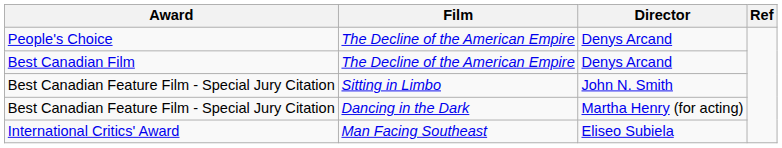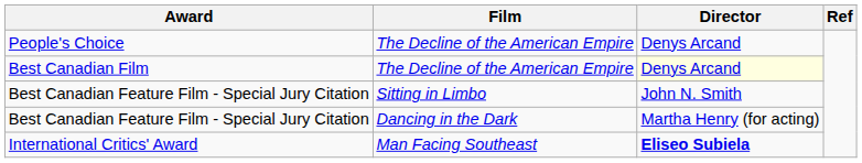 <table class="wikitable">
 <tr>
 <th>Award</th>
 <th>Film</th>
 <th>Director</th>
 <th>Ref</th>
 </tr>
 <tr>
 <td><a href='#'>People's Choice</a></td>
 <td><em><a href='#'>The Decline of the American Empire</a></em></td>
 <td><a href='#'>Denys Arcand</a></td>
 <td rowspan=5></td>
 </tr>
 <tr>
 <td><a href='#'>Best Canadian Film</a></td>
 <td><em><a href='#'>The Decline of the American Empire</a></em></td>
-<td><a href='#'>Denys Arcand</a></td>
+<td style="background: lightyellow;"><a href='#'>Denys Arcand</a></td>
 </tr>
 <tr>
 <td>Best Canadian Feature Film - Special Jury Citation</td>
 <td><em><a href='#'>Sitting in Limbo</a></em></td>
 <td><a href='#'>John N. Smith</a></td>
 </tr>
 <tr>
 <td>Best Canadian Feature Film - Special Jury Citation</td>
 <td><em><a href='#'>Dancing in the Dark</a></em></td>
 <td><a href='#'>Martha Henry</a> (for acting)</td>
 </tr>
 <tr>
 <td><a href='#'>International Critics' Award</a></td>
 <td><em><a href='#'>Man Facing Southeast</a></em></td>
-<td><a href='#'>Eliseo Subiela</a></td>
+<td><strong><a href='#'>Eliseo Subiela</a></strong></td>
 </tr>
 </table>
